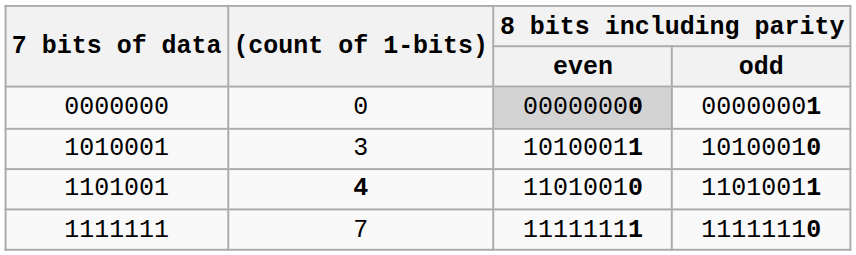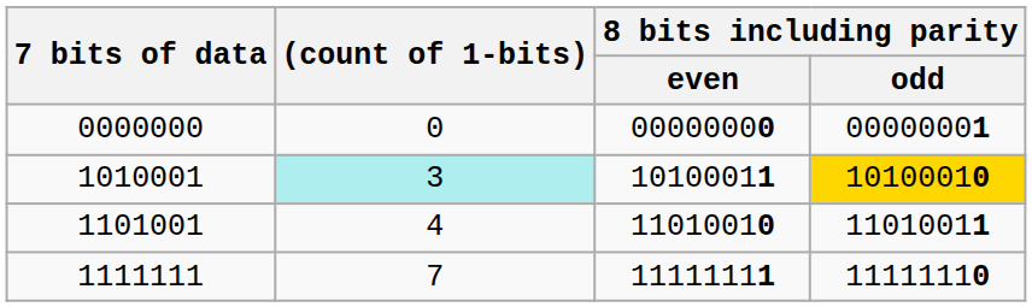 <table class="wikitable" style="float: right; text-align: center; margin: 1em;">
 <tr>
 <th rowspan="2">7 bits of data<br></th>
 <th rowspan="2">(count of 1-bits)</th>
 <th colspan="2">8 bits including parity</th>
 </tr>
 <tr>
 <th>even</th>
 <th>odd</th>
 </tr>
 <tr>
 <td>0000000</td>
 <td>0</td>
-<td style="background: lightgrey;">0000000<strong>0</strong></td>
+<td>0000000<strong>0</strong></td>
 <td>0000000<strong>1</strong></td>
 </tr>
 <tr>
 <td>1010001</td>
-<td>3</td>
+<td style="background: paleturquoise;">3</td>
 <td>1010001<strong>1</strong></td>
-<td>1010001<strong>0</strong></td>
+<td style="background: gold;">1010001<strong>0</strong></td>
 </tr>
 <tr>
 <td>1101001</td>
-<td><strong>4</strong></td>
+<td>4</td>
 <td>1101001<strong>0</strong></td>
 <td>1101001<strong>1</strong></td>
 </tr>
 <tr>
 <td>1111111</td>
 <td>7</td>
 <td>1111111<strong>1</strong></td>
 <td>1111111<strong>0</strong></td>
 </tr>
 </table>
